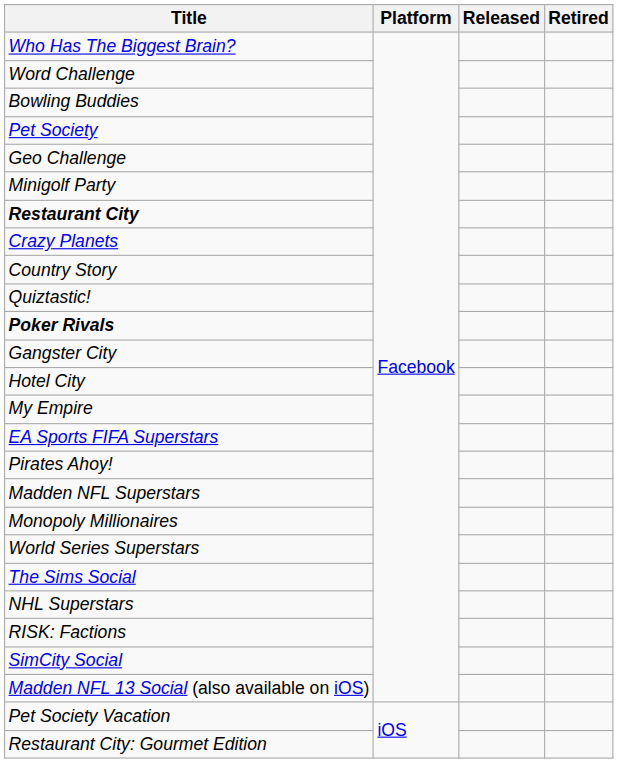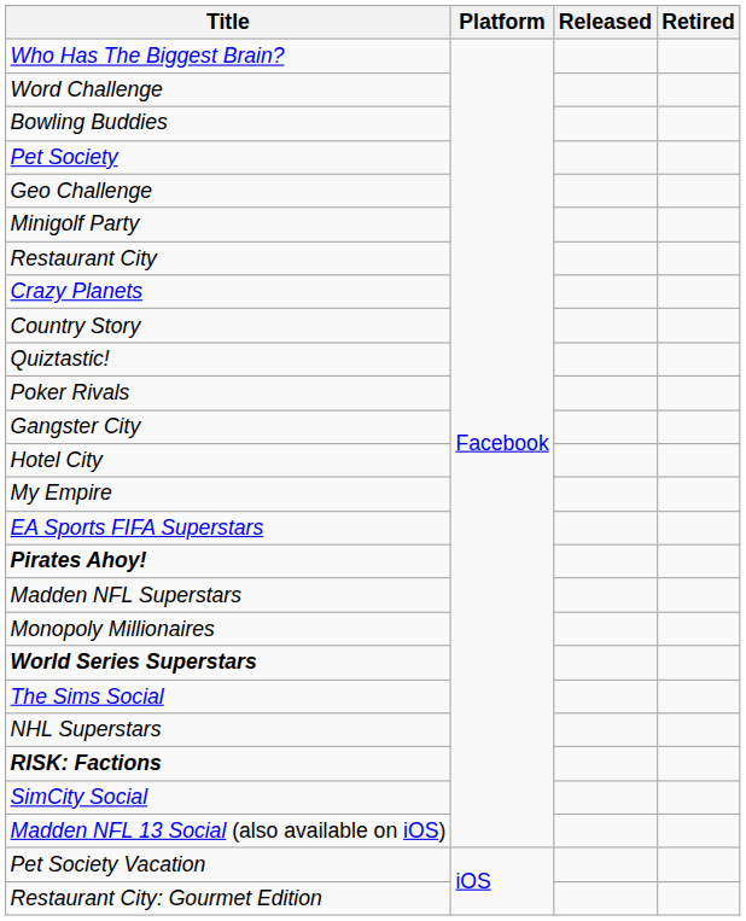 <table class="wikitable sortable">
 <tr>
 <th>Title</th>
 <th>Platform</th>
 <th>Released</th>
 <th>Retired</th>
 </tr>
 <tr>
 <td><em><a href='#'>Who Has The Biggest Brain?</a></em></td>
 <td rowspan="24"><a href='#'>Facebook</a></td>
 <td></td>
 <td></td>
 </tr>
 <tr>
 <td><em>Word Challenge</em></td>
 <td></td>
 <td></td>
 </tr>
 <tr>
 <td><em>Bowling Buddies</em></td>
 <td></td>
 <td></td>
 </tr>
 <tr>
 <td><em><a href='#'>Pet Society</a></em></td>
 <td></td>
 <td></td>
 </tr>
 <tr>
 <td><em>Geo Challenge</em></td>
 <td></td>
 <td></td>
 </tr>
 <tr>
 <td><em>Minigolf Party</em></td>
 <td></td>
 <td></td>
 </tr>
 <tr>
-<td><strong><em>Restaurant City</em></strong></td>
+<td><em>Restaurant City</em></td>
 <td></td>
 <td></td>
 </tr>
 <tr>
 <td><em><a href='#'>Crazy Planets</a></em></td>
 <td></td>
 <td></td>
 </tr>
 <tr>
 <td><em>Country Story</em></td>
 <td></td>
 <td></td>
 </tr>
 <tr>
 <td><em>Quiztastic!</em></td>
 <td></td>
 <td></td>
 </tr>
 <tr>
-<td><strong><em>Poker Rivals</em></strong></td>
+<td><em>Poker Rivals</em></td>
 <td></td>
 <td></td>
 </tr>
 <tr>
 <td><em>Gangster City</em></td>
 <td></td>
 <td></td>
 </tr>
 <tr>
 <td><em>Hotel City</em></td>
 <td></td>
 <td></td>
 </tr>
 <tr>
 <td><em>My Empire</em></td>
 <td></td>
 <td></td>
 </tr>
 <tr>
 <td><em><a href='#'>EA Sports FIFA Superstars</a></em></td>
 <td></td>
 <td></td>
 </tr>
 <tr>
-<td><em>Pirates Ahoy!</em></td>
+<td><strong><em>Pirates Ahoy!</em></strong></td>
 <td></td>
 <td></td>
 </tr>
 <tr>
 <td><em>Madden NFL Superstars</em></td>
 <td></td>
 <td></td>
 </tr>
 <tr>
 <td><em>Monopoly Millionaires</em></td>
 <td></td>
 <td></td>
 </tr>
 <tr>
-<td><em>World Series Superstars</em></td>
+<td><strong><em>World Series Superstars</em></strong></td>
 <td></td>
 <td></td>
 </tr>
 <tr>
 <td><em><a href='#'>The Sims Social</a></em></td>
 <td></td>
 <td></td>
 </tr>
 <tr>
 <td><em>NHL Superstars</em></td>
 <td></td>
 <td></td>
 </tr>
 <tr>
-<td><em>RISK: Factions</em></td>
+<td><strong><em>RISK: Factions</em></strong></td>
 <td></td>
 <td></td>
 </tr>
 <tr>
 <td><em><a href='#'>SimCity Social</a></em></td>
 <td></td>
 <td></td>
 </tr>
 <tr>
 <td><em><a href='#'>Madden NFL 13 Social</a></em> (also available on <a href='#'>iOS</a>)</td>
 <td></td>
 <td></td>
 </tr>
 <tr>
 <td><em>Pet Society Vacation</em></td>
 <td rowspan="2"><a href='#'>iOS</a></td>
 <td></td>
 <td></td>
 </tr>
 <tr>
 <td><em>Restaurant City: Gourmet Edition</em></td>
 <td></td>
 <td></td>
 </tr>
 </table>
